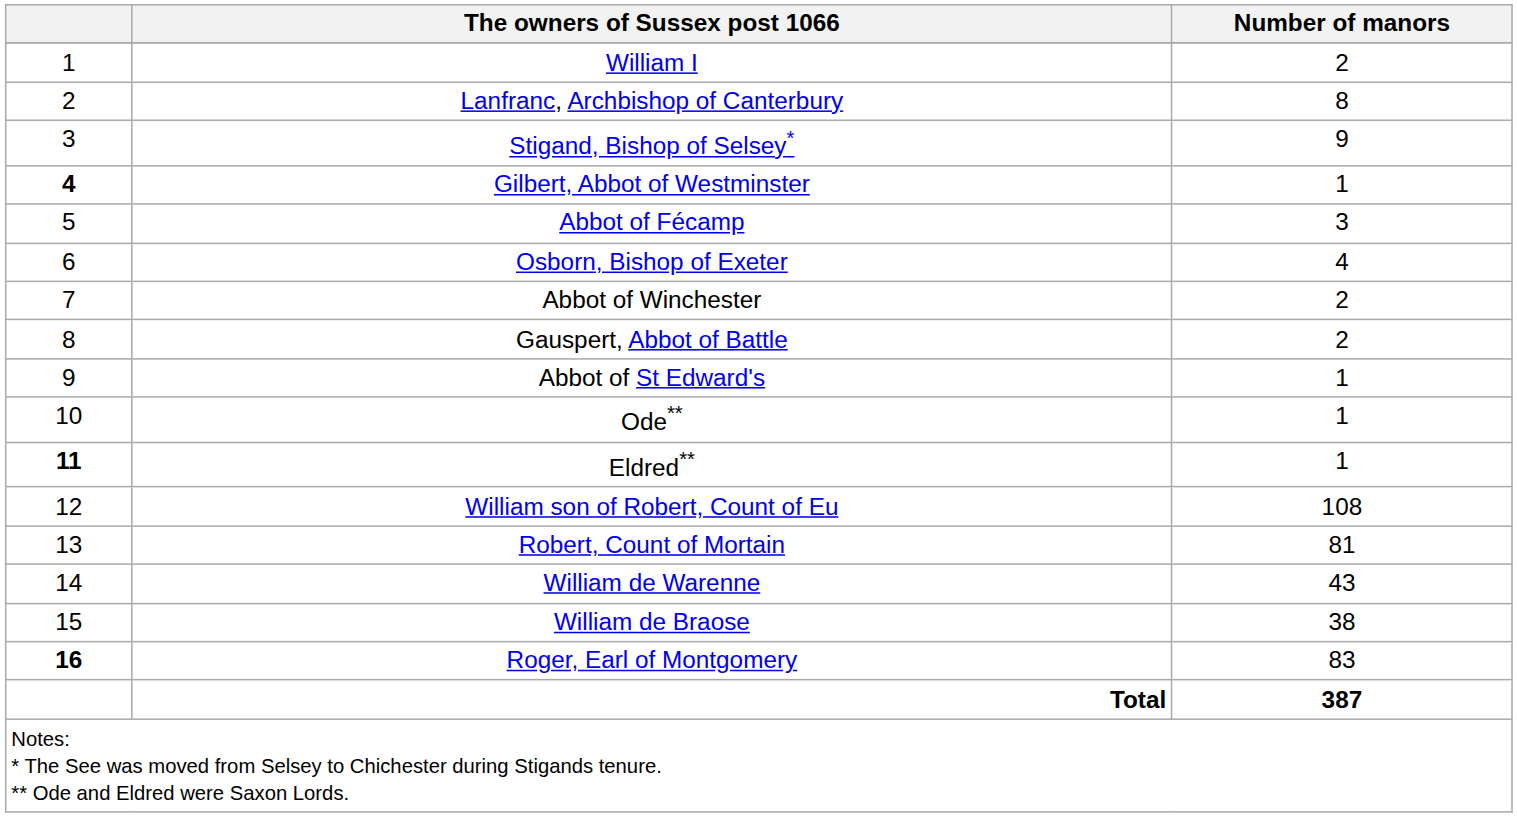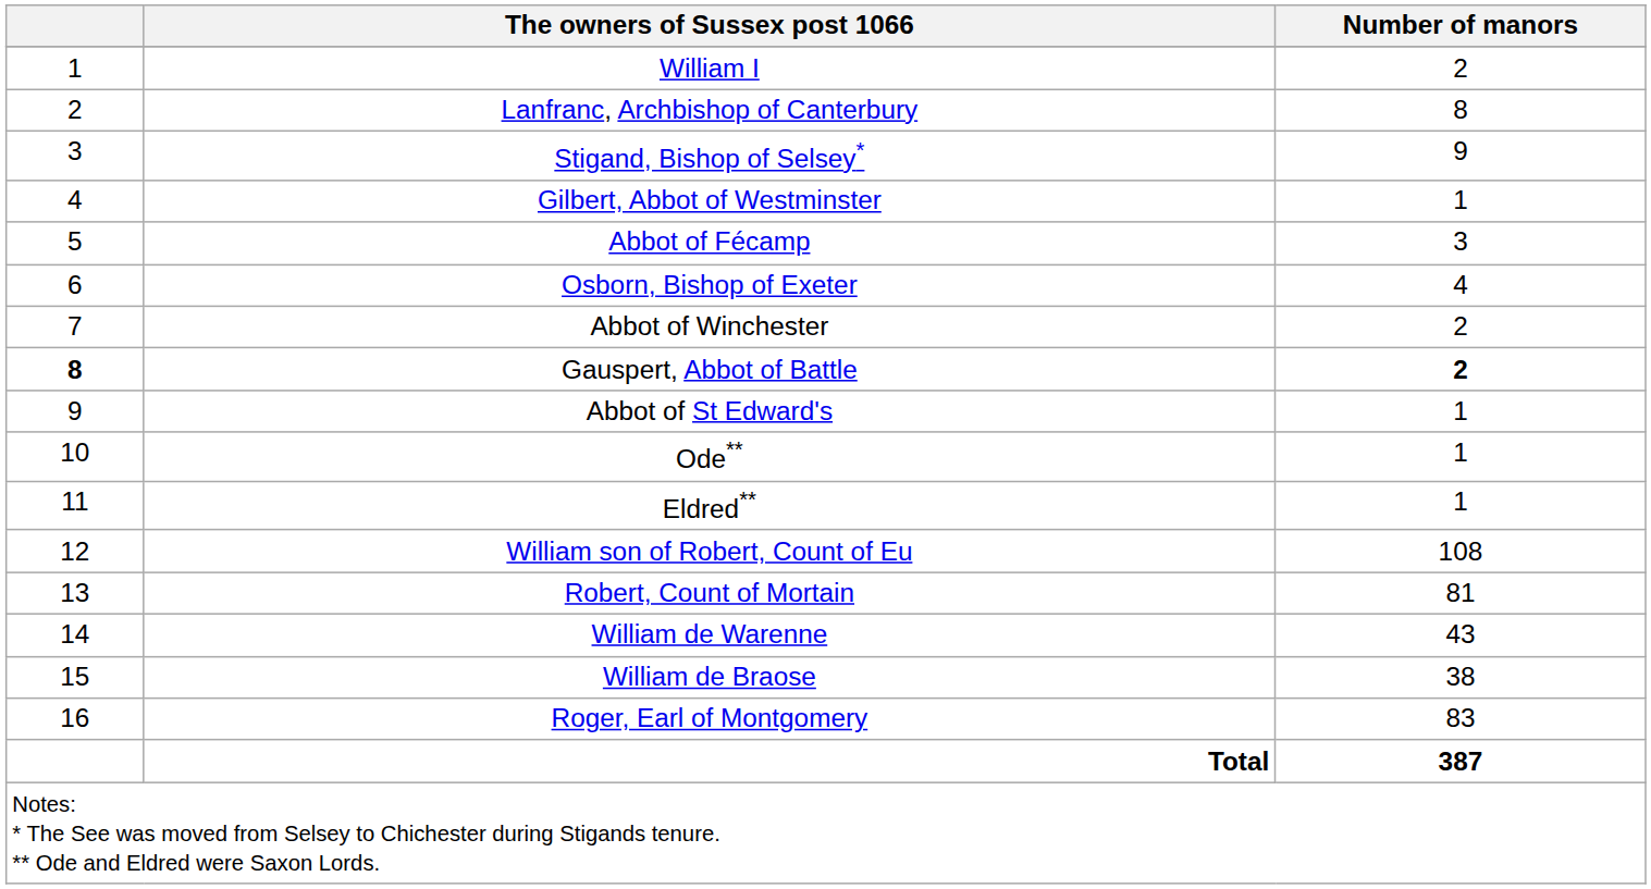 <table class="wikitable" style="margin: 1em auto 1em auto; width:50%; text-align:center;">
 <tr align=center>
 <th width="10"></th>
 <th width="200" style="text-align: center;">The owners of Sussex post 1066</th>
 <th width="20" style="text-align: center;">Number of manors</th>
 </tr>
 <tr valign=top>
 </tr>
 <tr valign=top bgcolor="#ffffff">
 <td>1</td>
 <td><a href='#'>William I</a></td>
 <td>2</td>
 </tr>
 <tr valign=top bgcolor="#ffffff">
 <td>2</td>
 <td><a href='#'>Lanfranc</a>, <a href='#'>Archbishop of Canterbury</a></td>
 <td>8</td>
 </tr>
 <tr valign=top bgcolor="#ffffff">
 <td>3</td>
 <td><a href='#'>Stigand, Bishop of Selsey<sup>*</sup></a></td>
 <td>9</td>
 </tr>
 <tr valign=top bgcolor="#ffffff">
-<td><strong>4</strong></td>
+<td>4</td>
 <td><a href='#'>Gilbert, Abbot of Westminster</a></td>
 <td>1</td>
 </tr>
 <tr valign=top bgcolor="#ffffff">
 <td>5</td>
 <td><a href='#'>Abbot of Fécamp</a></td>
 <td>3</td>
 </tr>
 <tr valign=top bgcolor="#ffffff">
 <td>6</td>
 <td><a href='#'>Osborn, Bishop of Exeter</a></td>
 <td>4</td>
 </tr>
 <tr valign=top bgcolor="#ffffff">
 <td>7</td>
 <td>Abbot of Winchester</td>
 <td>2</td>
 </tr>
 <tr valign=top bgcolor="#ffffff">
-<td>8</td>
+<td><strong>8</strong></td>
 <td>Gauspert, <a href='#'>Abbot of Battle</a></td>
-<td>2</td>
+<td><strong>2</strong></td>
 </tr>
 <tr valign=top bgcolor="#ffffff">
 <td>9</td>
 <td>Abbot of <a href='#'>St Edward's</a></td>
 <td>1</td>
 </tr>
 <tr valign=top bgcolor="#ffffff">
 <td>10</td>
 <td>Ode<sup>**</sup></td>
 <td>1</td>
 </tr>
 <tr valign=top bgcolor="#ffffff">
-<td><strong>11</strong></td>
+<td>11</td>
 <td>Eldred<sup>**</sup></td>
 <td>1</td>
 </tr>
 <tr valign=top bgcolor="#ffffff">
 <td>12</td>
 <td><a href='#'>William son of Robert, Count of Eu</a></td>
 <td>108</td>
 </tr>
 <tr valign=top bgcolor="#ffffff">
 <td>13</td>
 <td><a href='#'>Robert, Count of Mortain</a></td>
 <td>81</td>
 </tr>
 <tr valign=top bgcolor="#ffffff">
 <td>14</td>
 <td><a href='#'>William de Warenne</a></td>
 <td>43</td>
 </tr>
 <tr valign=top bgcolor="#ffffff">
 <td>15</td>
 <td><a href='#'>William de Braose</a></td>
 <td>38</td>
 </tr>
 <tr valign=top bgcolor="#ffffff">
-<td><strong>16</strong></td>
+<td>16</td>
 <td><a href='#'>Roger, Earl of Montgomery</a></td>
 <td>83</td>
 </tr>
 <tr valign=top bgcolor="#ffffff">
 <td></td>
 <td align="right"><strong>Total</strong></td>
 <td><strong>387</strong></td>
 </tr>
 <tr valign=top bgcolor="#ffffff">
 <td colspan="3" style="text-align: left;"><small>Notes:<br> * The See was moved from Selsey to Chichester during Stigands tenure.<br>** Ode and Eldred were Saxon Lords.</small></td>
 </tr>
 </table>
